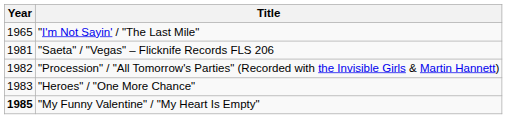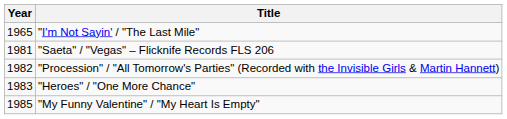 <table class="wikitable">
 <tr>
 <th>Year</th>
 <th>Title</th>
 </tr>
 <tr>
 <td>1965</td>
 <td>"<a href='#'>I'm Not Sayin'</a> / "The Last Mile"</td>
 </tr>
 <tr>
 <td>1981</td>
 <td>"Saeta" / "Vegas" – Flicknife Records FLS 206</td>
 </tr>
 <tr>
 <td>1982</td>
 <td>"Procession" / "All Tomorrow's Parties" (Recorded with <a href='#'>the Invisible Girls</a> & <a href='#'>Martin Hannett</a>)</td>
 </tr>
 <tr>
 <td>1983</td>
 <td>"Heroes" / "One More Chance"</td>
 </tr>
 <tr>
-<td><strong>1985</strong></td>
+<td>1985</td>
 <td>"My Funny Valentine" / "My Heart Is Empty"</td>
 </tr>
 </table>
